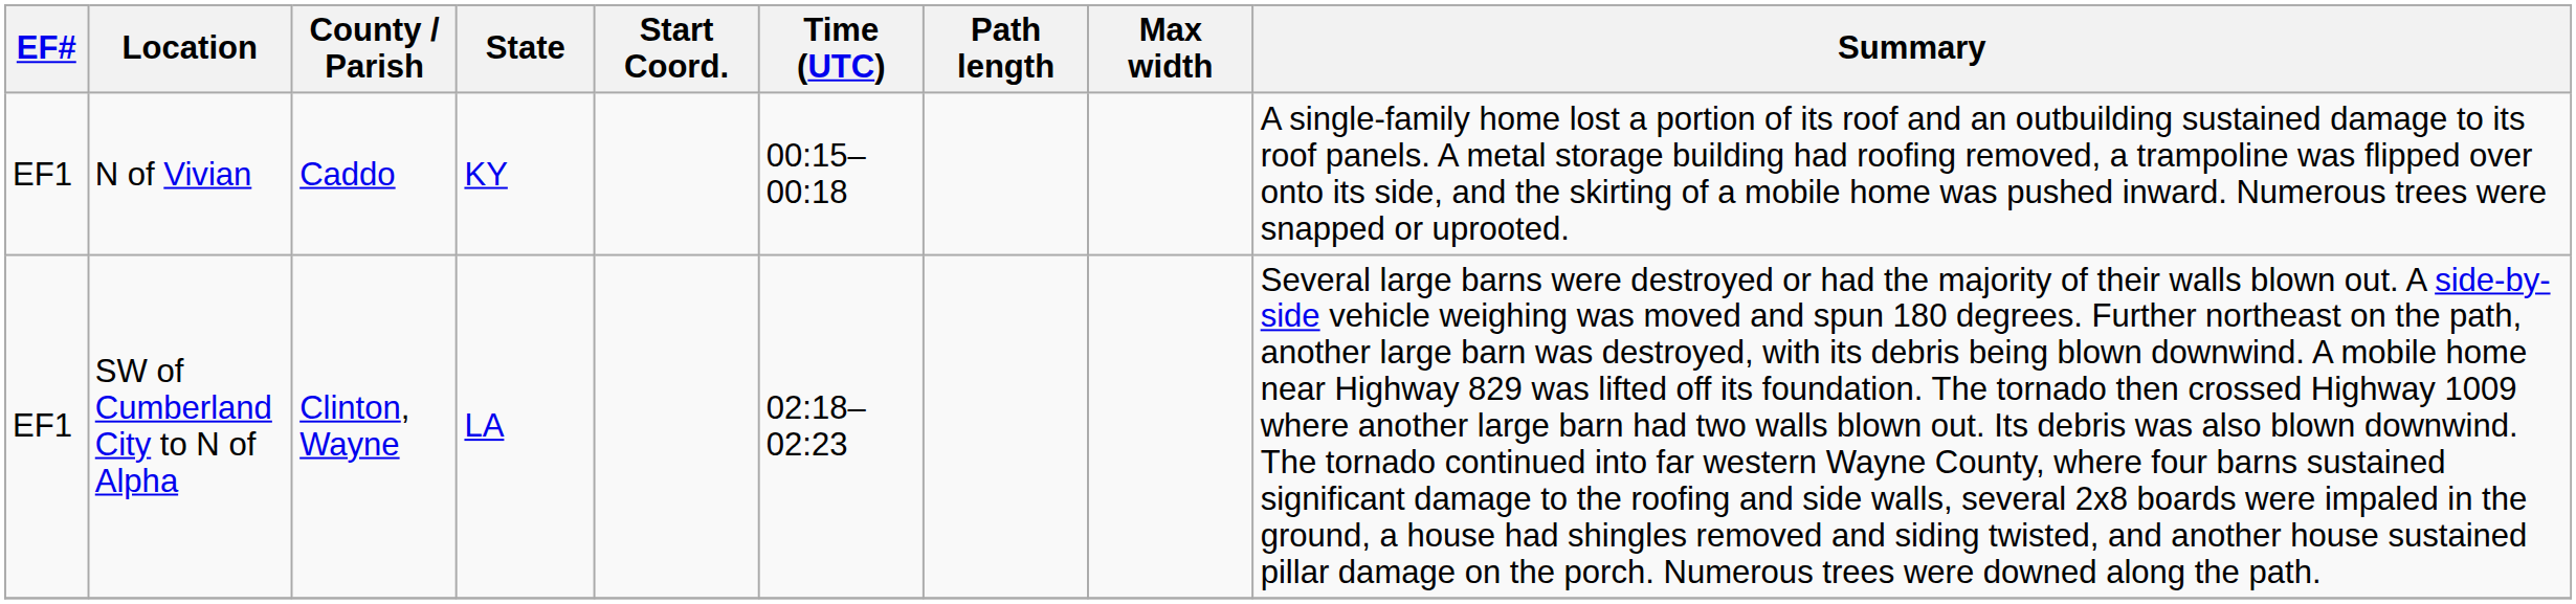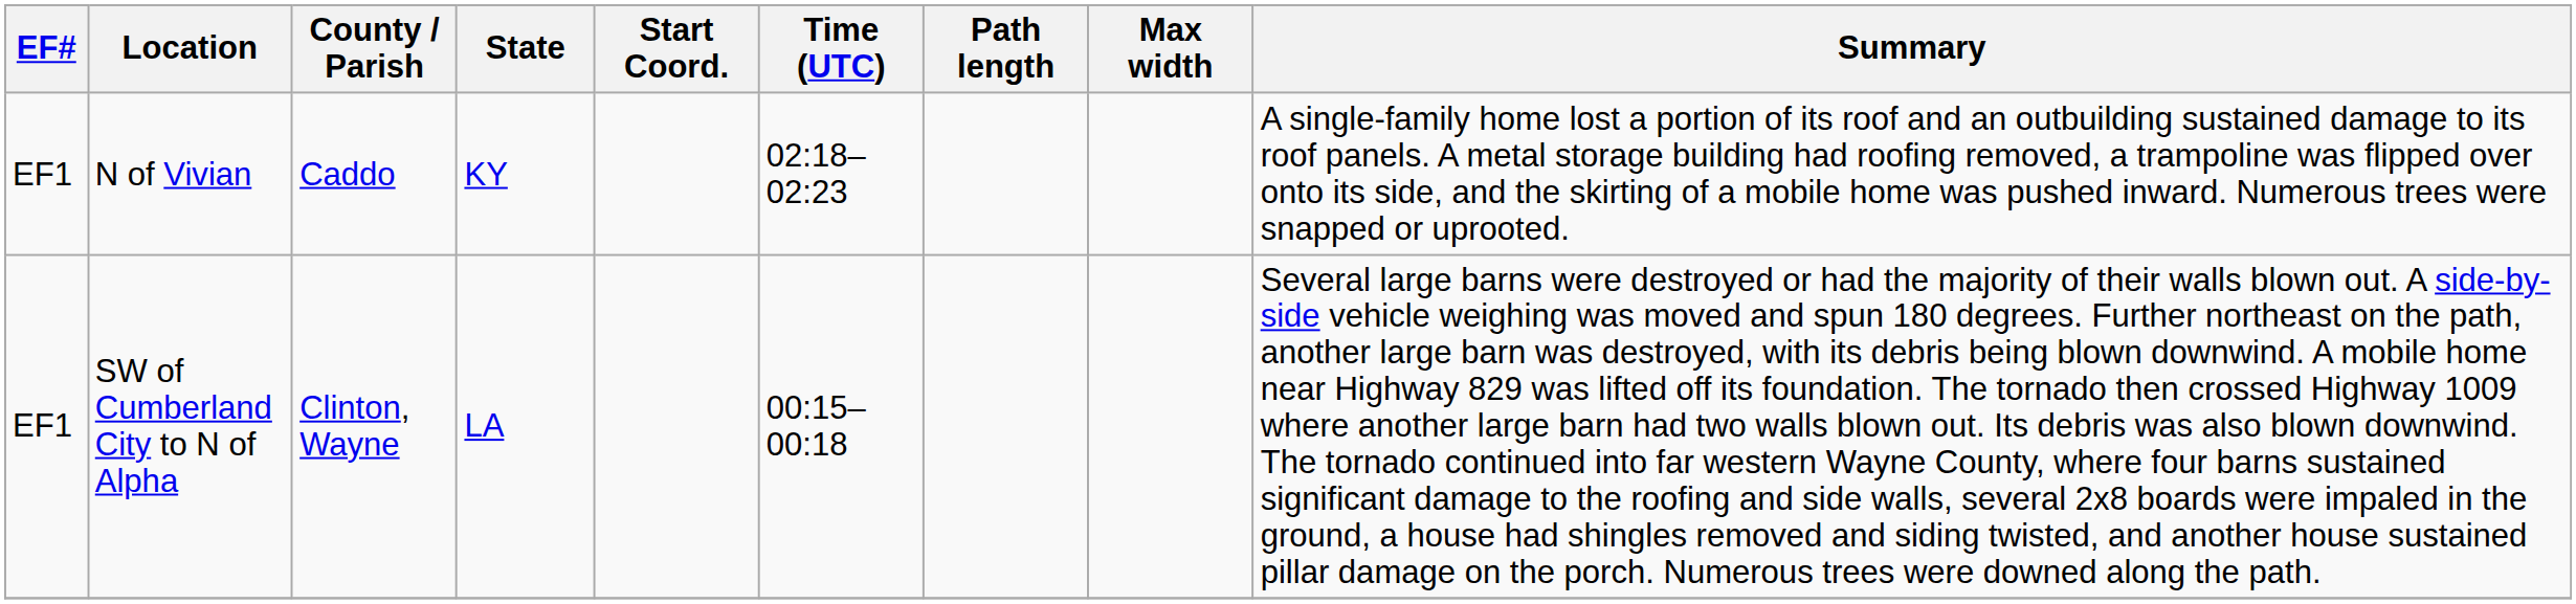 <table class="wikitable sortable" style="width:100%;">
 <tr>
 <th scope="col"  style="width:3%; text-align:center;"><a href='#'>EF#</a></th>
 <th scope="col"  style="width:7%; text-align:center;" class="unsortable">Location</th>
 <th scope="col"  style="width:6%; text-align:center;" class="unsortable">County / Parish</th>
 <th scope="col"  style="width:5%; text-align:center;">State</th>
 <th scope="col"  style="width:6%; text-align:center;">Start Coord.</th>
 <th scope="col"  style="width:6%; text-align:center;">Time (<a href='#'>UTC</a>)</th>
 <th scope="col"  style="width:6%; text-align:center;">Path length</th>
 <th scope="col"  style="width:6%; text-align:center;">Max width</th>
 <th scope="col" class="unsortable" style="width:48%; text-align:center;">Summary</th>
 </tr>
 <tr>
 <td>EF1</td>
 <td>N of <a href='#'>Vivian</a></td>
 <td><a href='#'>Caddo</a></td>
 <td><a href='#'>KY</a></td>
 <td></td>
-<td>00:15–00:18</td>
+<td>02:18–02:23</td>
 <td></td>
 <td></td>
 <td>A single-family home lost a portion of its roof and an outbuilding sustained damage to its roof panels. A metal storage building had roofing removed, a trampoline was flipped over onto its side, and the skirting of a mobile home was pushed inward. Numerous trees were snapped or uprooted.</td>
 </tr>
 <tr>
 <td>EF1</td>
 <td>SW of <a href='#'>Cumberland City</a> to N of <a href='#'>Alpha</a></td>
 <td><a href='#'>Clinton</a>,  <a href='#'>Wayne</a></td>
 <td><a href='#'>LA</a></td>
 <td></td>
-<td>02:18–02:23</td>
+<td>00:15–00:18</td>
 <td></td>
 <td></td>
 <td>Several large barns were destroyed or had the majority of their walls blown out. A <a href='#'>side-by-side</a> vehicle weighing  was moved  and spun 180 degrees. Further northeast on the path, another large barn was destroyed, with its debris being blown  downwind. A mobile home near Highway 829 was lifted off its foundation. The tornado then crossed Highway 1009 where another large barn had two walls blown out. Its debris was also blown  downwind. The tornado continued into far western Wayne County, where four barns sustained significant damage to the roofing and side walls, several 2x8 boards were impaled in the ground, a house had shingles removed and siding twisted, and another house sustained pillar damage on the porch. Numerous trees were downed along the path.</td>
 </tr>
 <tr>
 </tr>
 </table>
